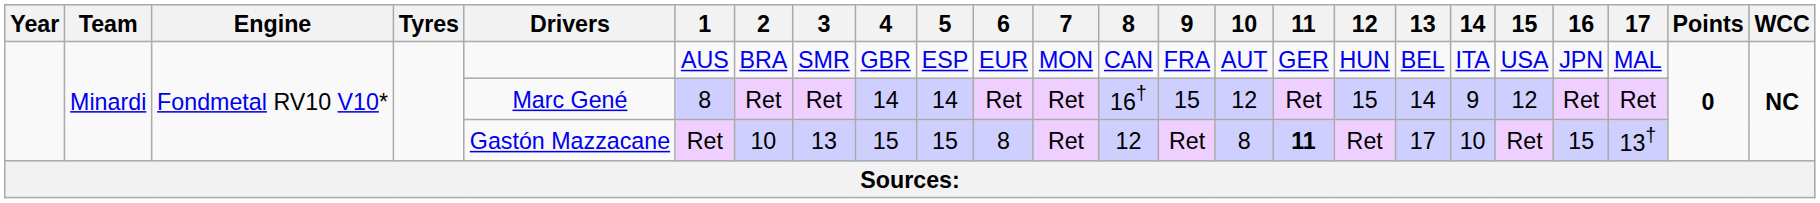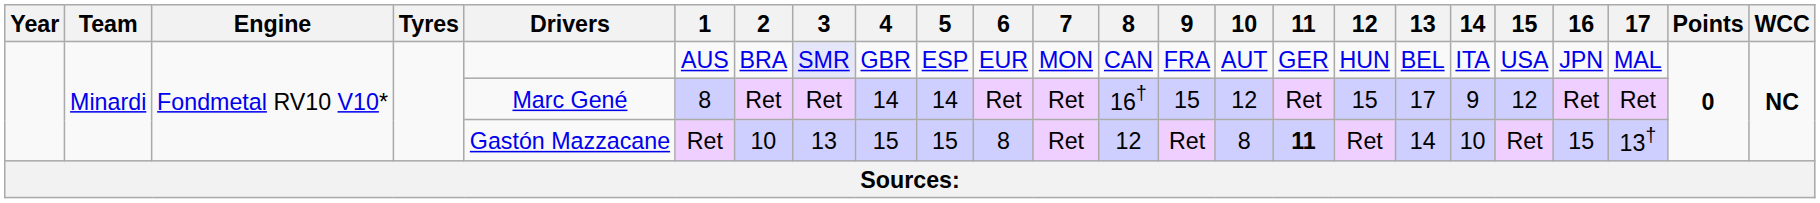 <table class="wikitable" style="text-align:center; font-size:95%">
 <tr>
 <th>Year</th>
 <th>Team</th>
 <th>Engine</th>
 <th>Tyres</th>
 <th>Drivers</th>
 <th>1</th>
 <th>2</th>
 <th>3</th>
 <th>4</th>
 <th>5</th>
 <th>6</th>
 <th>7</th>
 <th>8</th>
 <th>9</th>
 <th>10</th>
 <th>11</th>
 <th>12</th>
 <th>13</th>
 <th>14</th>
 <th>15</th>
 <th>16</th>
 <th>17</th>
 <th>Points</th>
 <th>WCC</th>
 </tr>
 <tr>
 <td rowspan="3"></td>
 <td rowspan="3"><a href='#'>Minardi</a></td>
 <td rowspan="3"><a href='#'>Fondmetal</a> RV10 <a href='#'>V10</a>*</td>
 <td rowspan="3"></td>
 <td></td>
 <td><a href='#'>AUS</a></td>
 <td><a href='#'>BRA</a></td>
-<td><a href='#'>SMR</a></td>
+<td style="background: lavender;"><a href='#'>SMR</a></td>
 <td><a href='#'>GBR</a></td>
 <td><a href='#'>ESP</a></td>
 <td><a href='#'>EUR</a></td>
 <td><a href='#'>MON</a></td>
 <td><a href='#'>CAN</a></td>
 <td><a href='#'>FRA</a></td>
 <td><a href='#'>AUT</a></td>
 <td><a href='#'>GER</a></td>
 <td><a href='#'>HUN</a></td>
 <td><a href='#'>BEL</a></td>
 <td><a href='#'>ITA</a></td>
 <td><a href='#'>USA</a></td>
 <td><a href='#'>JPN</a></td>
 <td><a href='#'>MAL</a></td>
 <td rowspan="3"><strong>0</strong></td>
 <td rowspan="3"><strong>NC</strong></td>
 </tr>
 <tr>
 <td> <a href='#'>Marc Gené</a></td>
 <td style="background:#CFCFFF;">8</td>
 <td style="background:#EFCFFF;">Ret</td>
 <td style="background:#EFCFFF;">Ret</td>
 <td style="background:#CFCFFF;">14</td>
 <td style="background:#CFCFFF;">14</td>
 <td style="background:#EFCFFF;">Ret</td>
 <td style="background:#EFCFFF;">Ret</td>
 <td style="background:#CFCFFF;">16<sup>†</sup></td>
 <td style="background:#CFCFFF;">15</td>
 <td style="background:#CFCFFF;">12</td>
 <td style="background:#EFCFFF;">Ret</td>
 <td style="background:#CFCFFF;">15</td>
-<td style="background:#CFCFFF;">14</td>
+<td style="background:#CFCFFF;">17</td>
 <td style="background:#CFCFFF;">9</td>
 <td style="background:#CFCFFF;">12</td>
 <td style="background:#EFCFFF;">Ret</td>
 <td style="background:#EFCFFF;">Ret</td>
 </tr>
 <tr>
 <td> <a href='#'>Gastón Mazzacane</a></td>
 <td style="background:#EFCFFF;">Ret</td>
 <td style="background:#CFCFFF;">10</td>
 <td style="background:#CFCFFF;">13</td>
 <td style="background:#CFCFFF;">15</td>
 <td style="background:#CFCFFF;">15</td>
 <td style="background:#CFCFFF;">8</td>
 <td style="background:#EFCFFF;">Ret</td>
 <td style="background:#CFCFFF;">12</td>
 <td style="background:#EFCFFF;">Ret</td>
 <td style="background:#CFCFFF;">8</td>
 <td style="background:#CFCFFF;"><strong>11</strong></td>
 <td style="background:#EFCFFF;">Ret</td>
-<td style="background:#CFCFFF;">17</td>
+<td style="background:#CFCFFF;">14</td>
 <td style="background:#CFCFFF;">10</td>
 <td style="background:#EFCFFF;">Ret</td>
 <td style="background:#CFCFFF;">15</td>
 <td style="background:#CFCFFF;">13<sup>†</sup></td>
 </tr>
 <tr>
 <th colspan="24">Sources:</th>
 </tr>
 </table>
